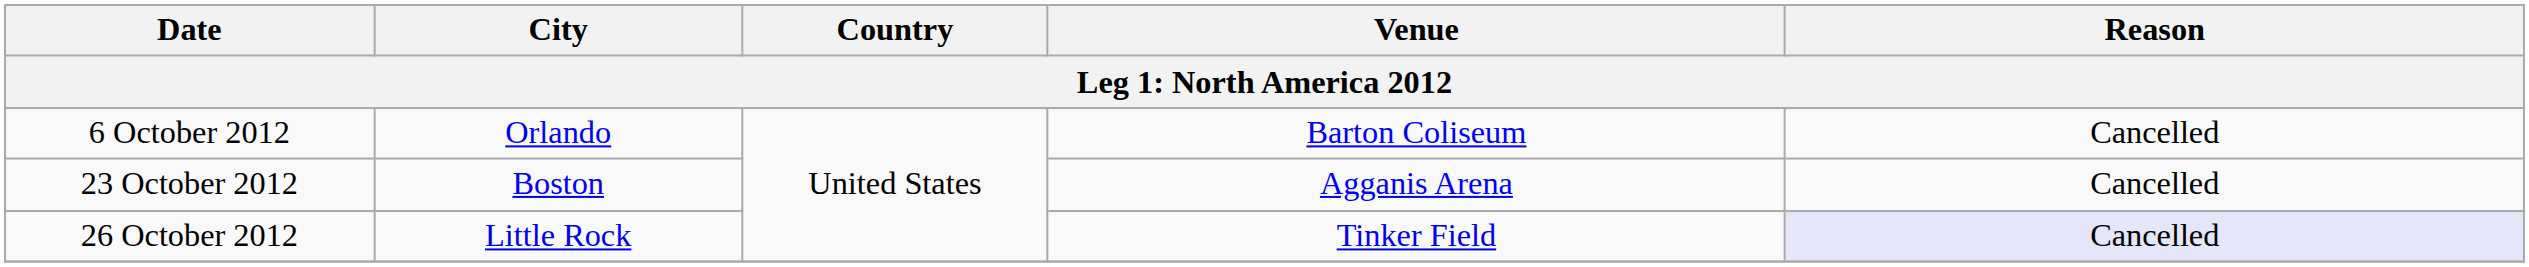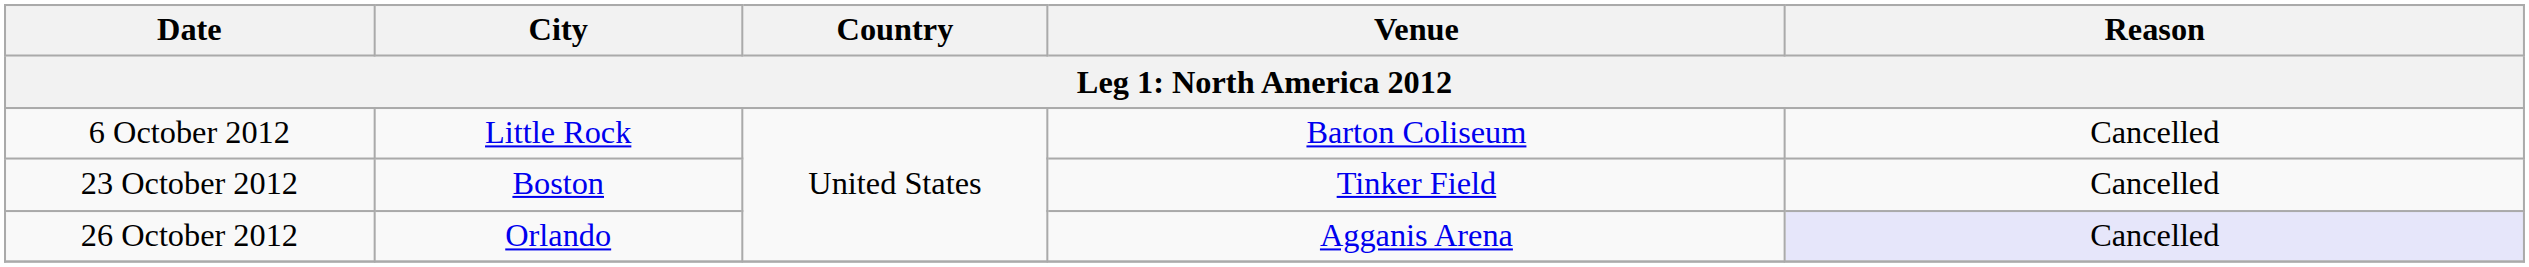 <table class="wikitable" style="text-align:center;">
 <tr>
 <th scope="col" style="width:11em;">Date</th>
 <th scope="col" style="width:11em;">City</th>
 <th scope="col" style="width:9em;">Country</th>
 <th scope="col" style="width:22.5em;">Venue</th>
 <th scope="col" style="width:22.5em;">Reason</th>
 </tr>
 <tr>
 <th colspan="5">Leg 1: North America 2012</th>
 </tr>
 <tr>
 <td>6 October 2012</td>
-<td><a href='#'>Orlando</a></td>
+<td><a href='#'>Little Rock</a></td>
 <td rowspan="3">United States</td>
 <td><a href='#'>Barton Coliseum</a></td>
 <td>Cancelled</td>
 </tr>
 <tr>
 <td>23 October 2012</td>
 <td><a href='#'>Boston</a></td>
-<td><a href='#'>Agganis Arena</a></td>
+<td><a href='#'>Tinker Field</a></td>
 <td>Cancelled</td>
 </tr>
 <tr>
 <td>26 October 2012</td>
-<td><a href='#'>Little Rock</a></td>
-<td><a href='#'>Tinker Field</a></td>
+<td><a href='#'>Orlando</a></td>
+<td><a href='#'>Agganis Arena</a></td>
 <td style="background: lavender;">Cancelled</td>
 </tr>
 <tr>
 </tr>
 </table>
